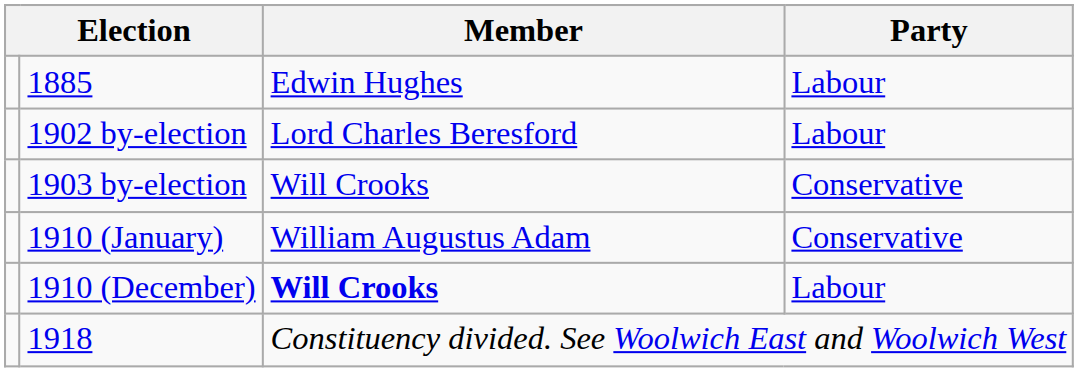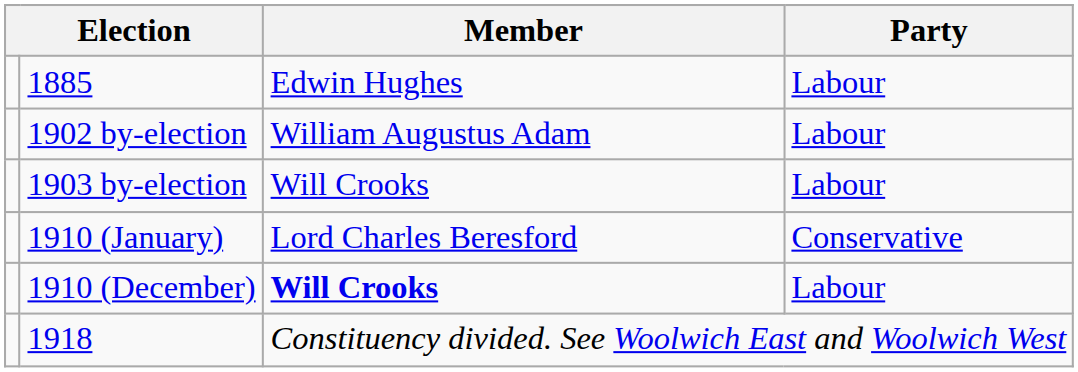 <table class="wikitable">
 <tr>
 <th colspan="2">Election</th>
 <th>Member</th>
 <th>Party</th>
 </tr>
 <tr>
 <td style="color:inherit;background-color: "></td>
 <td><a href='#'>1885</a></td>
 <td><a href='#'>Edwin Hughes</a></td>
 <td><a href='#'>Labour</a></td>
 </tr>
 <tr>
 <td style="color:inherit;background-color: "></td>
 <td><a href='#'>1902 by-election</a></td>
-<td><a href='#'>Lord Charles Beresford</a></td>
+<td><a href='#'>William Augustus Adam</a></td>
 <td><a href='#'>Labour</a></td>
 </tr>
 <tr>
 <td style="color:inherit;background-color: "></td>
 <td><a href='#'>1903 by-election</a></td>
 <td><a href='#'>Will Crooks</a></td>
-<td><a href='#'>Conservative</a></td>
+<td><a href='#'>Labour</a></td>
 </tr>
 <tr>
 <td style="color:inherit;background-color: "></td>
 <td><a href='#'>1910 (January)</a></td>
-<td><a href='#'>William Augustus Adam</a></td>
+<td><a href='#'>Lord Charles Beresford</a></td>
 <td><a href='#'>Conservative</a></td>
 </tr>
 <tr>
 <td style="color:inherit;background-color: "></td>
 <td><a href='#'>1910 (December)</a></td>
 <td><strong><a href='#'>Will Crooks</a></strong></td>
 <td><a href='#'>Labour</a></td>
 </tr>
 <tr>
 <td></td>
 <td><a href='#'>1918</a></td>
 <td colspan="2"><em>Constituency divided. See <a href='#'>Woolwich East</a> and <a href='#'>Woolwich West</a></em></td>
 </tr>
 </table>
